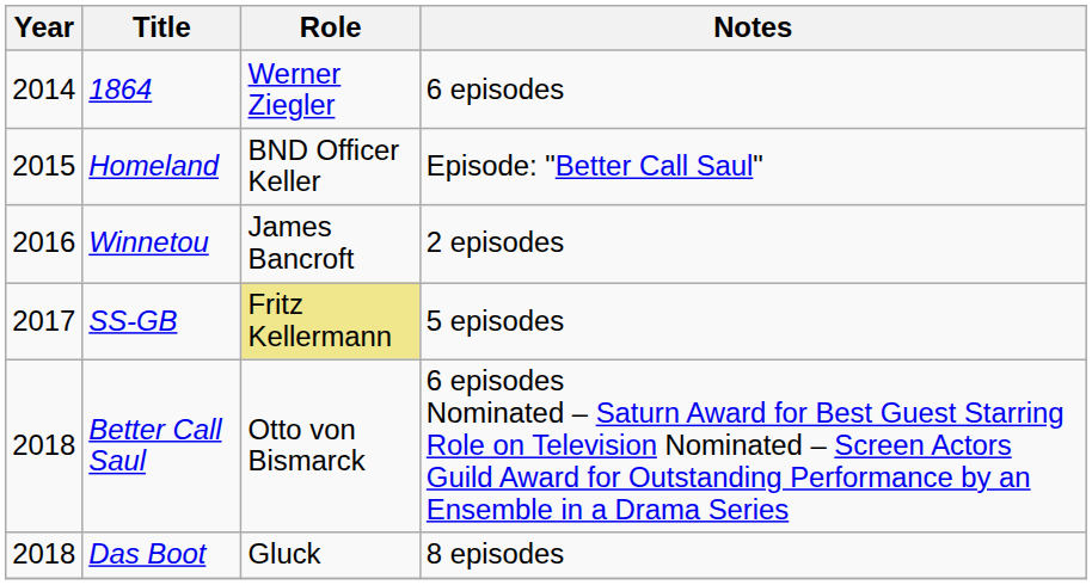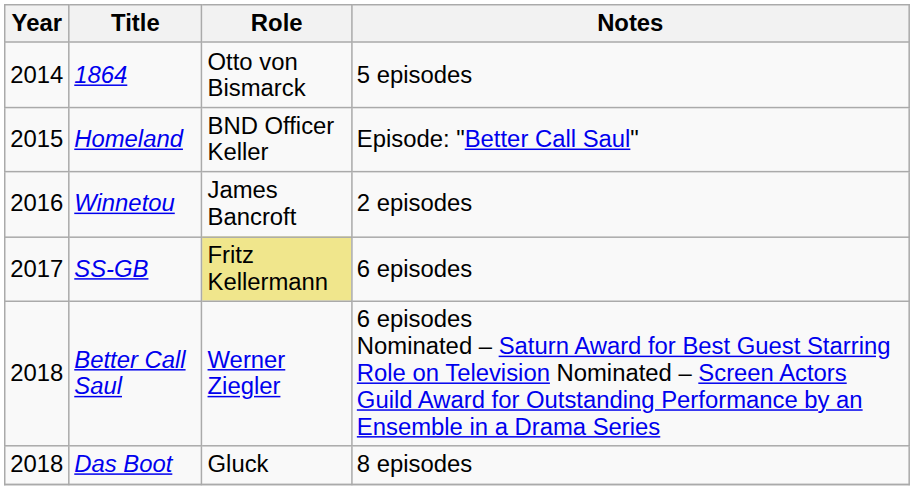 <table class="wikitable plainrowheaders sortable">
 <tr>
 <th scope="col">Year</th>
 <th scope="col">Title</th>
 <th scope="col">Role</th>
 <th scope="col" class="unsortable">Notes</th>
 </tr>
 <tr>
 <td>2014</td>
 <td><em><a href='#'>1864</a></em></td>
-<td><a href='#'>Werner Ziegler</a></td>
-<td>6 episodes</td>
+<td>Otto von Bismarck</td>
+<td>5 episodes</td>
 </tr>
 <tr>
 <td>2015</td>
 <td><em><a href='#'>Homeland</a></em></td>
 <td>BND Officer Keller</td>
 <td>Episode: "<a href='#'>Better Call Saul</a>"</td>
 </tr>
 <tr>
 <td>2016</td>
 <td><em><a href='#'>Winnetou</a></em></td>
 <td>James Bancroft</td>
 <td>2 episodes</td>
 </tr>
 <tr>
 <td>2017</td>
 <td><em><a href='#'>SS-GB</a></em></td>
 <td style="background: khaki;">Fritz Kellermann</td>
-<td>5 episodes</td>
+<td>6 episodes</td>
 </tr>
 <tr>
 <td>2018</td>
 <td><em><a href='#'>Better Call Saul</a></em></td>
-<td>Otto von Bismarck</td>
+<td><a href='#'>Werner Ziegler</a></td>
 <td>6 episodes<br>Nominated – <a href='#'>Saturn Award for Best Guest Starring Role on Television</a>  Nominated – <a href='#'>Screen Actors Guild Award for Outstanding Performance by an Ensemble in a Drama Series</a></td>
 </tr>
 <tr>
 <td>2018</td>
 <td><em><a href='#'>Das Boot</a></em></td>
 <td>Gluck</td>
 <td>8 episodes</td>
 </tr>
 <tr>
 </tr>
 </table>
